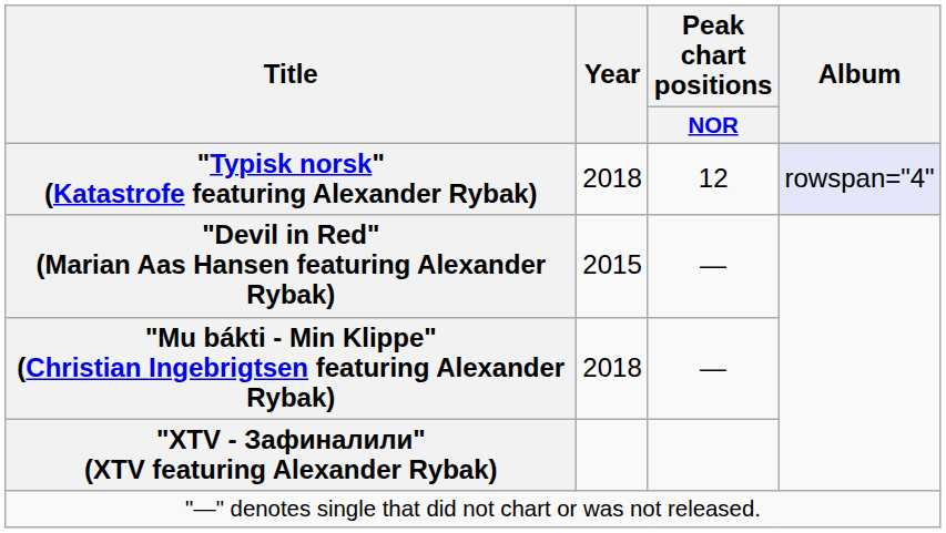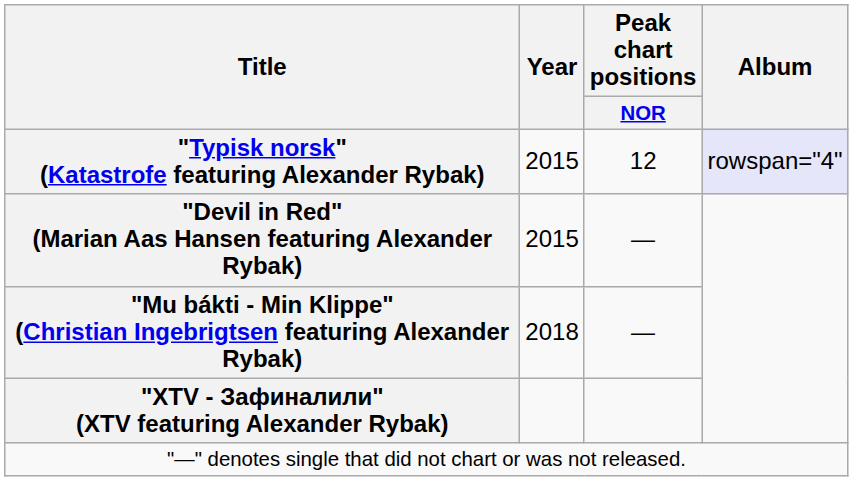 <table class="wikitable plainrowheaders" style="text-align:center;">
 <tr>
 <th scope="col" rowspan="2" style="width:21em;">Title</th>
 <th scope="col" rowspan="2" style="width:1em;">Year</th>
 <th scope="col" colspan="1">Peak chart positions</th>
 <th scope="col" rowspan="2">Album</th>
 </tr>
 <tr>
 <th scope="col" style="width:3em;font-size:85%;"><a href='#'>NOR</a><br></th>
 </tr>
 <tr>
 <th scope="row">"<a href='#'>Typisk norsk</a>"<br><span>(<a href='#'>Katastrofe</a> featuring Alexander Rybak)</span></th>
-<td>2018</td>
+<td>2015</td>
 <td>12</td>
 <td style="background: lavender;">rowspan="4" </td>
 </tr>
 <tr>
 <th scope="row">"Devil in Red"<br><span>(Marian Aas Hansen featuring Alexander Rybak)</span></th>
 <td>2015</td>
 <td>—</td>
 </tr>
 <tr>
 <th scope="row">"Mu bákti - Min Klippe"<br><span>(<a href='#'>Christian Ingebrigtsen</a> featuring Alexander Rybak)</span></th>
 <td>2018</td>
 <td>—</td>
 </tr>
 <tr>
 <th scope="row">"XTV - Зафиналили" <br><span>(XTV featuring Alexander Rybak)</span></th>
 <td></td>
 <td></td>
 </tr>
 <tr>
 <td colspan="14" style="font-size:85%">"—" denotes single that did not chart or was not released.</td>
 </tr>
 </table>
